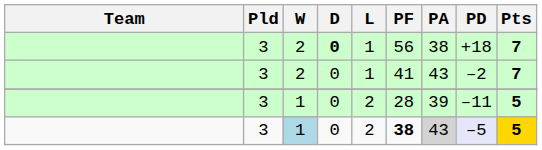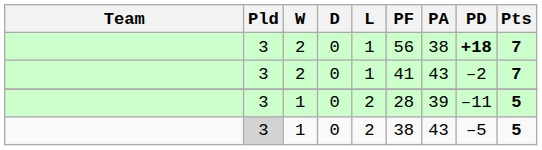 <table class="wikitable" style="text-align:center;">
 <tr>
 <th width=175>Team</th>
 <th width=20 abbr="Played">Pld</th>
 <th width=20 abbr="Won">W</th>
 <th width=20 abbr="Drawn">D</th>
 <th width=20 abbr="Lost">L</th>
 <th width=20 abbr="Points for">PF</th>
 <th width=20 abbr="Points against">PA</th>
 <th width=25 abbr="Points difference">PD</th>
 <th width=20 abbr="Points">Pts</th>
 </tr>
 <tr style="background:#ccffcc">
 <td align=left></td>
 <td>3</td>
 <td>2</td>
-<td><strong>0</strong></td>
+<td>0</td>
 <td>1</td>
 <td>56</td>
 <td>38</td>
-<td>+18</td>
+<td><strong>+18</strong></td>
 <td><strong>7</strong></td>
 </tr>
 <tr style="background:#ccffcc">
 <td align=left></td>
 <td>3</td>
 <td>2</td>
 <td>0</td>
 <td>1</td>
 <td>41</td>
 <td>43</td>
 <td>–2</td>
 <td><strong>7</strong></td>
 </tr>
 <tr>
 </tr>
 <tr style="background:#ccffcc">
 <td align=left></td>
 <td>3</td>
 <td>1</td>
 <td>0</td>
 <td>2</td>
 <td>28</td>
 <td>39</td>
 <td>–11</td>
 <td><strong>5</strong></td>
 </tr>
 <tr>
 <td align=left></td>
-<td>3</td>
-<td style="background: lightblue;">1</td>
+<td style="background: lightgrey;">3</td>
+<td>1</td>
 <td>0</td>
 <td>2</td>
-<td><strong>38</strong></td>
-<td style="background: lightgrey;">43</td>
-<td style="background: lavender;">–5</td>
-<td style="background: gold;"><strong>5</strong></td>
+<td>38</td>
+<td>43</td>
+<td>–5</td>
+<td><strong>5</strong></td>
 </tr>
 </table>
